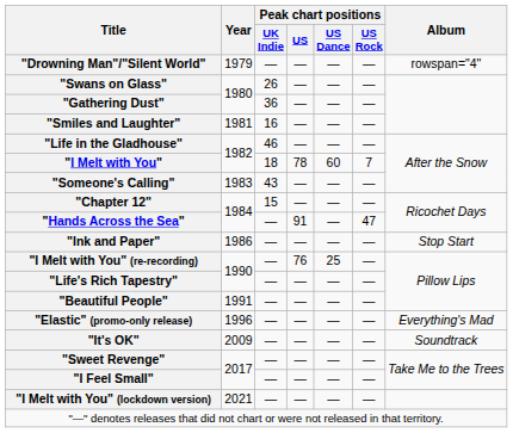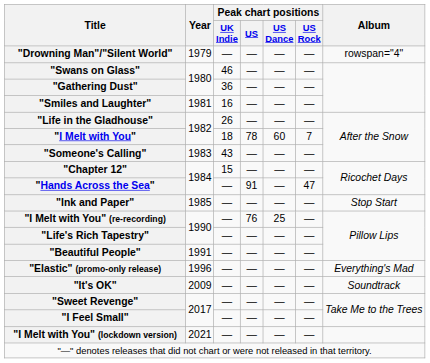 <table class="wikitable plainrowheaders" style="text-align:center;">
 <tr>
 <th rowspan="2" scope="col" style="width:17em;">Title</th>
 <th rowspan="2" scope="col" style="width:2em;">Year</th>
 <th colspan="4">Peak chart positions</th>
 <th rowspan="2">Album</th>
 </tr>
 <tr>
 <th scope="col" style="width:2em;font-size:90%;"><a href='#'>UK Indie</a><br></th>
 <th scope="col" style="width:2em;font-size:90%;"><a href='#'>US</a><br></th>
 <th scope="col" style="width:2em;font-size:90%;"><a href='#'>US Dance</a><br></th>
 <th scope="col" style="width:2em;font-size:90%;"><a href='#'>US Rock</a><br></th>
 </tr>
 <tr>
 <th scope="row">"Drowning Man"/"Silent World"</th>
 <td>1979</td>
 <td>—</td>
 <td>—</td>
 <td>—</td>
 <td>—</td>
 <td>rowspan="4" </td>
 </tr>
 <tr>
 <th scope="row">"Swans on Glass"</th>
 <td rowspan="2">1980</td>
-<td>26</td>
+<td>46</td>
 <td>—</td>
 <td>—</td>
 <td>—</td>
 </tr>
 <tr>
 <th scope="row">"Gathering Dust"</th>
 <td>36</td>
 <td>—</td>
 <td>—</td>
 <td>—</td>
 </tr>
 <tr>
 <th scope="row">"Smiles and Laughter"</th>
 <td>1981</td>
 <td>16</td>
 <td>—</td>
 <td>—</td>
 <td>—</td>
 </tr>
 <tr>
 <th scope="row">"Life in the Gladhouse"</th>
 <td rowspan="2">1982</td>
-<td>46</td>
+<td>26</td>
 <td>—</td>
 <td>—</td>
 <td>—</td>
 <td rowspan="3"><em>After the Snow</em></td>
 </tr>
 <tr>
 <th scope="row">"<a href='#'>I Melt with You</a>"</th>
 <td>18</td>
 <td>78</td>
 <td>60</td>
 <td>7</td>
 </tr>
 <tr>
 <th scope="row">"Someone's Calling"</th>
 <td>1983</td>
 <td>43</td>
 <td>—</td>
 <td>—</td>
 <td>—</td>
 </tr>
 <tr>
 <th scope="row">"Chapter 12"</th>
 <td rowspan="2">1984</td>
 <td>15</td>
 <td>—</td>
 <td>—</td>
 <td>—</td>
 <td rowspan="2"><em>Ricochet Days</em></td>
 </tr>
 <tr>
 <th scope="row">"<a href='#'>Hands Across the Sea</a>"</th>
 <td>—</td>
 <td>91</td>
 <td>—</td>
 <td>47</td>
 </tr>
 <tr>
 <th scope="row">"Ink and Paper"</th>
-<td>1986</td>
+<td>1985</td>
 <td>—</td>
 <td>—</td>
 <td>—</td>
 <td>—</td>
 <td><em>Stop Start</em></td>
 </tr>
 <tr>
 <th scope="row">"I Melt with You" <small>(re-recording)</small></th>
 <td rowspan="2">1990</td>
 <td>—</td>
 <td>76</td>
 <td>25</td>
 <td>—</td>
 <td rowspan="3"><em>Pillow Lips</em></td>
 </tr>
 <tr>
 <th scope="row">"Life's Rich Tapestry"</th>
 <td>—</td>
 <td>—</td>
 <td>—</td>
 <td>—</td>
 </tr>
 <tr>
 <th scope="row">"Beautiful People"</th>
 <td>1991</td>
 <td>—</td>
 <td>—</td>
 <td>—</td>
 <td>—</td>
 </tr>
 <tr>
 <th scope="row">"Elastic" <small>(promo-only release)</small></th>
 <td>1996</td>
 <td>—</td>
 <td>—</td>
 <td>—</td>
 <td>—</td>
 <td><em>Everything's Mad</em></td>
 </tr>
 <tr>
 <th scope="row">"It's OK"</th>
 <td>2009</td>
 <td>—</td>
 <td>—</td>
 <td>—</td>
 <td>—</td>
 <td><em>Soundtrack</em></td>
 </tr>
 <tr>
 <th scope="row">"Sweet Revenge"</th>
 <td rowspan="2">2017</td>
 <td>—</td>
 <td>—</td>
 <td>—</td>
 <td>—</td>
 <td rowspan="2"><em>Take Me to the Trees</em></td>
 </tr>
 <tr>
 <th scope="row">"I Feel Small"</th>
 <td>—</td>
 <td>—</td>
 <td>—</td>
 <td>—</td>
 </tr>
 <tr>
 <th scope="row">"I Melt with You" <small>(lockdown version)</small></th>
 <td>2021</td>
 <td>—</td>
 <td>—</td>
 <td>—</td>
 <td>—</td>
 <td></td>
 </tr>
 <tr>
 <td colspan="7" style="font-size:90%">"—" denotes releases that did not chart or were not released in that territory.</td>
 </tr>
 </table>
